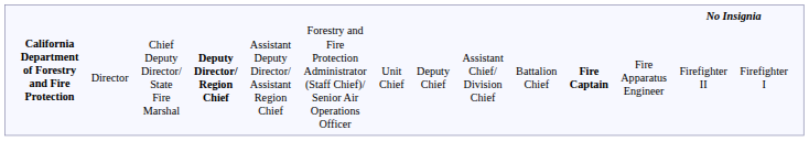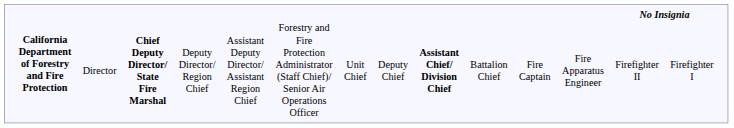 <table style="border:1px solid #8888aa; background-color:#f7f8ff; padding:5px; font-size:95%; margin: 0px 12px 12px 0px; border-spacing:15px 0px;">
 <tr style="text-align:center;">
 <th rowspan=3> California Department of Forestry and Fire Protection</th>
 <td colspan=1></td>
 <td colspan=1></td>
 <td colspan=1></td>
 <td colspan=1></td>
 <td colspan=1></td>
 <td colspan=1></td>
 <td colspan=1></td>
 <td colspan=1></td>
 <td colspan=1></td>
 <td colspan=1></td>
 <td colspan=1></td>
 <td colspan=3><strong><em>No Insignia</em></strong></td>
 </tr>
 <tr style="text-align:center;">
 <td colspan=1>Director</td>
-<td colspan=1>Chief Deputy Director/<br>State Fire Marshal</td>
-<td colspan=1><strong>Deputy Director/<br>Region Chief</strong></td>
+<td colspan=1><strong>Chief Deputy Director/<br>State Fire Marshal</strong></td>
+<td colspan=1>Deputy Director/<br>Region Chief</td>
 <td colspan=1>Assistant Deputy Director/<br>Assistant Region Chief</td>
 <td colspan=1>Forestry and Fire Protection Administrator (Staff Chief)/<br>Senior Air Operations Officer</td>
 <td colspan=1>Unit Chief</td>
 <td colspan=1>Deputy Chief</td>
-<td colspan=1>Assistant Chief/<br>Division Chief</td>
+<td colspan=1><strong>Assistant Chief/<br>Division Chief</strong></td>
 <td colspan=1>Battalion Chief</td>
-<td colspan=1><strong>Fire Captain</strong></td>
+<td colspan=1>Fire Captain</td>
 <td colspan=1>Fire Apparatus Engineer</td>
 <td colspan=1>Firefighter II</td>
 <td colspan=1>Firefighter I</td>
 </tr>
 </table>
